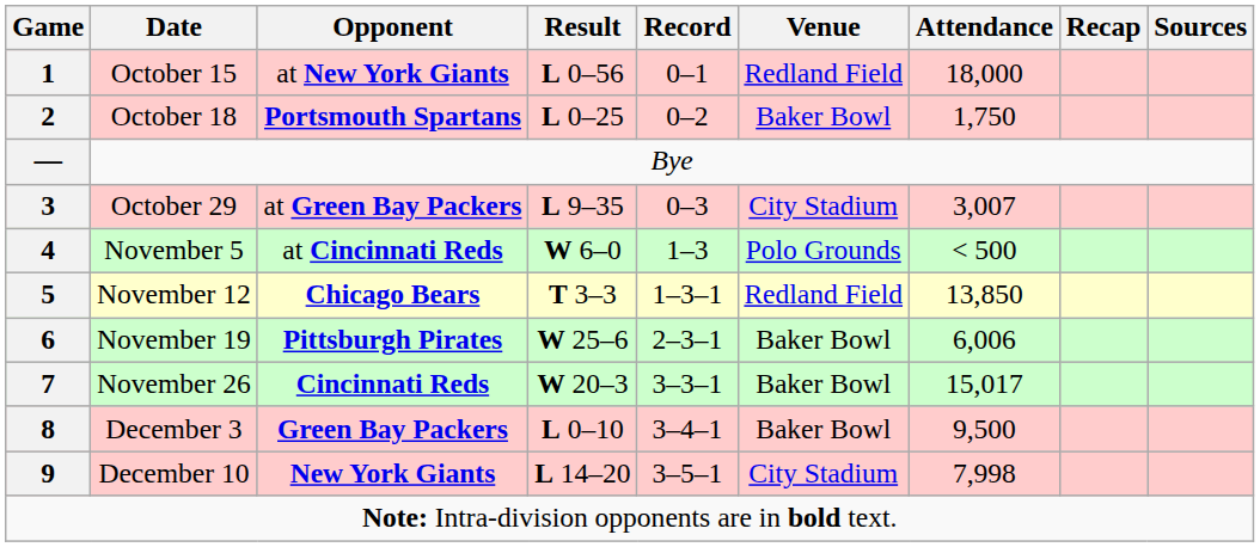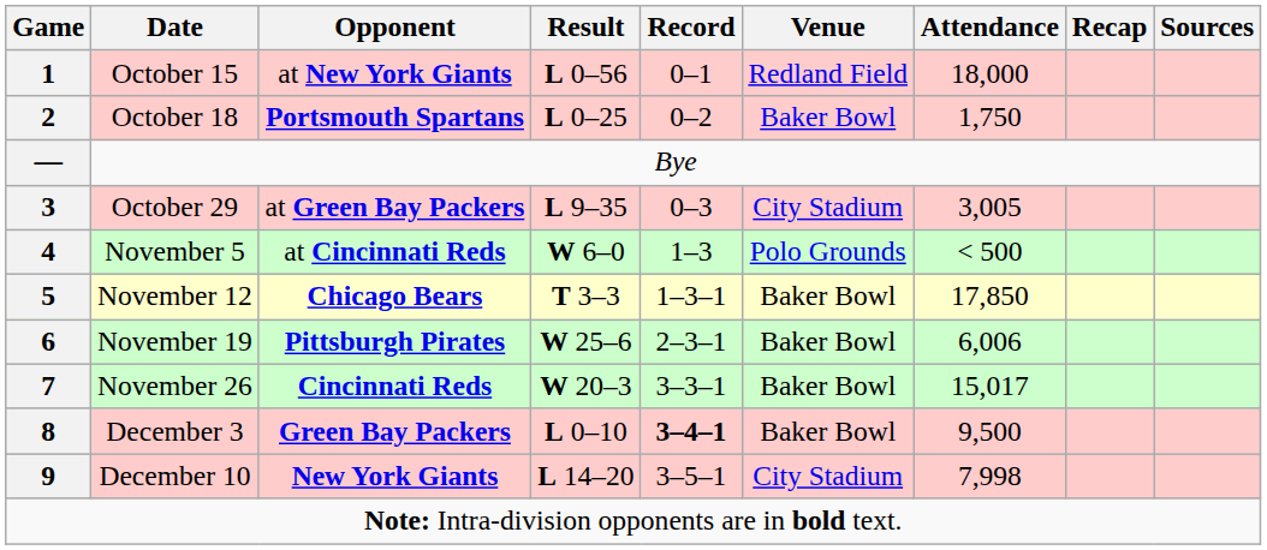 <table class="wikitable" style="text-align:center">
 <tr>
 <th>Game</th>
 <th>Date</th>
 <th>Opponent</th>
 <th>Result</th>
 <th>Record</th>
 <th>Venue</th>
 <th>Attendance</th>
 <th>Recap</th>
 <th>Sources</th>
 </tr>
 <tr style="background:#fcc">
 <th>1</th>
 <td>October 15</td>
 <td>at <strong><a href='#'>New York Giants</a></strong></td>
 <td><strong>L</strong> 0–56</td>
 <td>0–1</td>
 <td><a href='#'>Redland Field</a></td>
 <td>18,000</td>
 <td></td>
 <td></td>
 </tr>
 <tr style="background:#fcc">
 <th>2</th>
 <td>October 18</td>
 <td><strong><a href='#'>Portsmouth Spartans</a></strong></td>
 <td><strong>L</strong> 0–25</td>
 <td>0–2</td>
 <td><a href='#'>Baker Bowl</a></td>
 <td>1,750</td>
 <td></td>
 <td></td>
 </tr>
 <tr>
 <th>—</th>
 <td colspan=8><em>Bye</em></td>
 </tr>
 <tr style="background:#fcc">
 <th>3</th>
 <td>October 29</td>
 <td>at <strong><a href='#'>Green Bay Packers</a></strong></td>
 <td><strong>L</strong> 9–35</td>
 <td>0–3</td>
 <td><a href='#'>City Stadium</a></td>
-<td>3,007</td>
+<td>3,005</td>
 <td></td>
 <td></td>
 </tr>
 <tr style="background:#cfc;">
 <th>4</th>
 <td>November 5</td>
 <td>at <strong><a href='#'>Cincinnati Reds</a></strong></td>
 <td><strong>W</strong> 6–0</td>
 <td>1–3</td>
 <td><a href='#'>Polo Grounds</a></td>
 <td>< 500</td>
 <td></td>
 <td></td>
 </tr>
 <tr style="background:#ffc;">
 <th>5</th>
 <td>November 12</td>
 <td><strong><a href='#'>Chicago Bears</a></strong></td>
 <td><strong>T</strong> 3–3</td>
 <td>1–3–1</td>
-<td><a href='#'>Redland Field</a></td>
-<td>13,850</td>
+<td>Baker Bowl</td>
+<td>17,850</td>
 <td></td>
 <td></td>
 </tr>
 <tr style="background:#cfc;">
 <th>6</th>
 <td>November 19</td>
 <td><strong><a href='#'>Pittsburgh Pirates</a></strong></td>
 <td><strong>W</strong> 25–6</td>
 <td>2–3–1</td>
 <td>Baker Bowl</td>
 <td>6,006</td>
 <td></td>
 <td></td>
 </tr>
 <tr style="background:#cfc;">
 <th>7</th>
 <td>November 26</td>
 <td><strong><a href='#'>Cincinnati Reds</a></strong></td>
 <td><strong>W</strong> 20–3</td>
 <td>3–3–1</td>
 <td>Baker Bowl</td>
 <td>15,017</td>
 <td></td>
 <td></td>
 </tr>
 <tr style="background:#fcc">
 <th>8</th>
 <td>December 3</td>
 <td><strong><a href='#'>Green Bay Packers</a></strong></td>
 <td><strong>L</strong> 0–10</td>
-<td>3–4–1</td>
+<td><strong>3–4–1</strong></td>
 <td>Baker Bowl</td>
 <td>9,500</td>
 <td></td>
 <td></td>
 </tr>
 <tr style="background:#fcc">
 <th>9</th>
 <td>December 10</td>
 <td><strong><a href='#'>New York Giants</a></strong></td>
 <td><strong>L</strong> 14–20</td>
 <td>3–5–1</td>
 <td><a href='#'>City Stadium</a></td>
 <td>7,998</td>
 <td></td>
 <td></td>
 </tr>
 <tr>
 <td colspan="10"><strong>Note:</strong> Intra-division opponents are in <strong>bold</strong> text.</td>
 </tr>
 </table>
